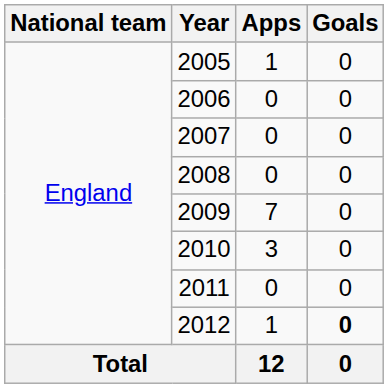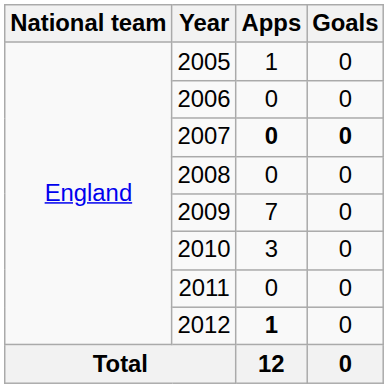 <table class=wikitable style=text-align:center>
 <tr>
 <th>National team</th>
 <th>Year</th>
 <th>Apps</th>
 <th>Goals</th>
 </tr>
 <tr>
 <td rowspan="8"><a href='#'>England</a></td>
 <td>2005</td>
 <td>1</td>
 <td>0</td>
 </tr>
 <tr>
 <td>2006</td>
 <td>0</td>
 <td>0</td>
 </tr>
 <tr>
 <td>2007</td>
-<td>0</td>
-<td>0</td>
+<td><strong>0</strong></td>
+<td><strong>0</strong></td>
 </tr>
 <tr>
 <td>2008</td>
 <td>0</td>
 <td>0</td>
 </tr>
 <tr>
 <td>2009</td>
 <td>7</td>
 <td>0</td>
 </tr>
 <tr>
 <td>2010</td>
 <td>3</td>
 <td>0</td>
 </tr>
 <tr>
 <td>2011</td>
 <td>0</td>
 <td>0</td>
 </tr>
 <tr>
 <td>2012</td>
-<td>1</td>
-<td><strong>0</strong></td>
+<td><strong>1</strong></td>
+<td>0</td>
 </tr>
 <tr>
 <th colspan=2>Total</th>
 <th>12</th>
 <th>0</th>
 </tr>
 </table>
